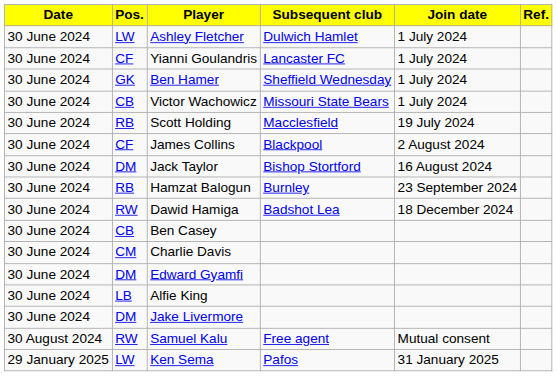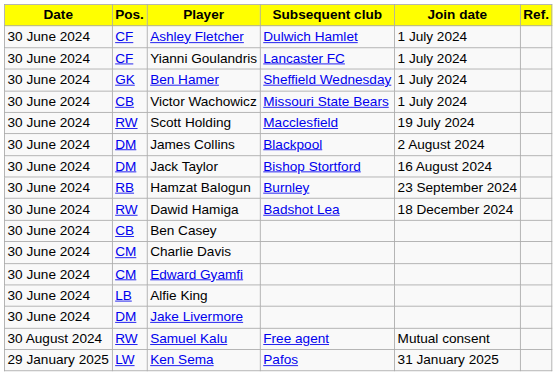 <table class="wikitable plainrowheaders sortable">
 <tr>
 <th style="background:#FFFF00;color:black;">Date</th>
 <th style="background:#FFFF00;color:black;">Pos.</th>
 <th style="background:#FFFF00;color:black;">Player</th>
 <th style="background:#FFFF00;color:black;">Subsequent club</th>
 <th style="background:#FFFF00;color:black;">Join date</th>
 <th style="background:#FFFF00;color:black;">Ref.</th>
 </tr>
 <tr>
 <td>30 June 2024</td>
-<td><a href='#'>LW</a></td>
+<td><a href='#'>CF</a></td>
 <td> <a href='#'>Ashley Fletcher</a></td>
 <td> <a href='#'>Dulwich Hamlet</a></td>
 <td>1 July 2024</td>
 <td></td>
 </tr>
 <tr>
 <td>30 June 2024</td>
 <td><a href='#'>CF</a></td>
 <td> Yianni Goulandris</td>
 <td> <a href='#'>Lancaster FC</a></td>
 <td>1 July 2024</td>
 <td></td>
 </tr>
 <tr>
 <td>30 June 2024</td>
 <td><a href='#'>GK</a></td>
 <td> <a href='#'>Ben Hamer</a></td>
 <td> <a href='#'>Sheffield Wednesday</a></td>
 <td>1 July 2024</td>
 <td></td>
 </tr>
 <tr>
 <td>30 June 2024</td>
 <td><a href='#'>CB</a></td>
 <td> Victor Wachowicz</td>
 <td> <a href='#'>Missouri State Bears</a></td>
 <td>1 July 2024</td>
 <td></td>
 </tr>
 <tr>
 <td>30 June 2024</td>
-<td><a href='#'>RB</a></td>
+<td><a href='#'>RW</a></td>
 <td> Scott Holding</td>
 <td> <a href='#'>Macclesfield</a></td>
 <td>19 July 2024</td>
 <td></td>
 </tr>
 <tr>
 <td>30 June 2024</td>
-<td><a href='#'>CF</a></td>
+<td><a href='#'>DM</a></td>
 <td> James Collins</td>
 <td> <a href='#'>Blackpool</a></td>
 <td>2 August 2024</td>
 <td></td>
 </tr>
 <tr>
 <td>30 June 2024</td>
 <td><a href='#'>DM</a></td>
 <td> Jack Taylor</td>
 <td> <a href='#'>Bishop Stortford</a></td>
 <td>16 August 2024</td>
 <td></td>
 </tr>
 <tr>
 <td>30 June 2024</td>
 <td><a href='#'>RB</a></td>
 <td> Hamzat Balogun</td>
 <td> <a href='#'>Burnley</a></td>
 <td>23 September 2024</td>
 <td></td>
 </tr>
 <tr>
 <td>30 June 2024</td>
 <td><a href='#'>RW</a></td>
 <td> Dawid Hamiga</td>
 <td> <a href='#'>Badshot Lea</a></td>
 <td>18 December 2024</td>
 <td></td>
 </tr>
 <tr>
 <td>30 June 2024</td>
 <td><a href='#'>CB</a></td>
 <td> Ben Casey</td>
 <td></td>
 <td></td>
 <td></td>
 </tr>
 <tr>
 <td>30 June 2024</td>
 <td><a href='#'>CM</a></td>
 <td> Charlie Davis</td>
 <td></td>
 <td></td>
 <td></td>
 </tr>
 <tr>
 <td>30 June 2024</td>
-<td><a href='#'>DM</a></td>
+<td><a href='#'>CM</a></td>
 <td> <a href='#'>Edward Gyamfi</a></td>
 <td></td>
 <td></td>
 <td></td>
 </tr>
 <tr>
 <td>30 June 2024</td>
 <td><a href='#'>LB</a></td>
 <td> Alfie King</td>
 <td></td>
 <td></td>
 <td></td>
 </tr>
 <tr>
 <td>30 June 2024</td>
 <td><a href='#'>DM</a></td>
 <td> <a href='#'>Jake Livermore</a></td>
 <td></td>
 <td></td>
 <td></td>
 </tr>
 <tr>
 <td>30 August 2024</td>
 <td><a href='#'>RW</a></td>
 <td> <a href='#'>Samuel Kalu</a></td>
 <td> <a href='#'>Free agent</a></td>
 <td>Mutual consent</td>
 <td></td>
 </tr>
 <tr>
 <td>29 January 2025</td>
 <td><a href='#'>LW</a></td>
 <td> <a href='#'>Ken Sema</a></td>
 <td> <a href='#'>Pafos</a></td>
 <td>31 January 2025</td>
 <td></td>
 </tr>
 </table>
